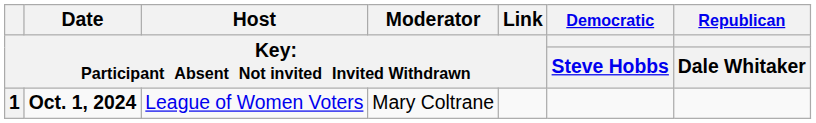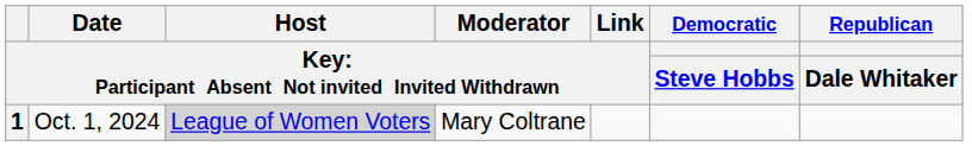 <table class="wikitable" style="text-align:center;">
 <tr>
 <th scope="col"></th>
 <th scope="col">Date</th>
 <th scope="col">Host</th>
 <th scope="col">Moderator</th>
 <th scope="col">Link</th>
 <th scope="col"><small><a href='#'>Democratic</a></small></th>
 <th scope="col"><small><a href='#'>Republican</a></small></th>
 </tr>
 <tr>
 <th colspan="5" rowspan="2">Key:<br> <small>Participant </small>  <small>Absent </small>  <small>Not invited </small>  <small>Invited  Withdrawn</small></th>
 <th scope="col" style="background:"></th>
 <th scope="col" style="background:"></th>
 </tr>
 <tr>
 <th scope="col"><a href='#'>Steve Hobbs</a></th>
 <th scope="col">Dale Whitaker</th>
 </tr>
 <tr>
 <th>1</th>
-<td style="white-space:nowrap;"><strong>Oct. 1, 2024</strong></td>
-<td style="white-space:nowrap;"><a href='#'>League of Women Voters</a></td>
+<td style="white-space:nowrap;">Oct. 1, 2024</td>
+<td style="background: lightgrey; white-space:nowrap;"><a href='#'>League of Women Voters</a></td>
 <td style="white-space:nowrap;">Mary Coltrane</td>
 <td style="white-space:nowrap;"></td>
 <td></td>
 <td></td>
 </tr>
 </table>
